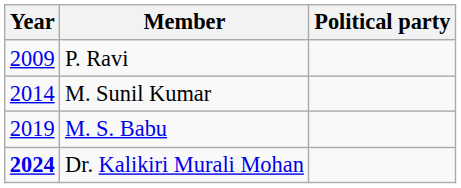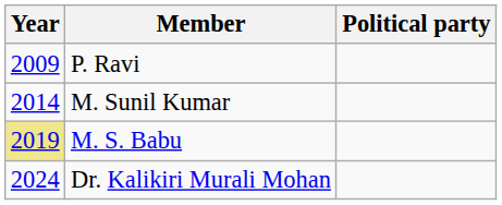 <table class="wikitable sortable">
 <tr>
 <th>Year</th>
 <th>Member</th>
 <th colspan="2">Political party</th>
 </tr>
 <tr>
 <td><a href='#'>2009</a></td>
 <td>P. Ravi</td>
 <td></td>
 </tr>
 <tr>
 <td><a href='#'>2014</a></td>
 <td>M. Sunil Kumar</td>
 <td></td>
 </tr>
 <tr>
-<td><a href='#'>2019</a></td>
+<td style="background: khaki;"><a href='#'>2019</a></td>
 <td><a href='#'>M. S. Babu</a></td>
 </tr>
 <tr>
-<td><strong><a href='#'>2024</a></strong></td>
+<td><a href='#'>2024</a></td>
 <td>Dr. <a href='#'>Kalikiri Murali Mohan</a></td>
 <td></td>
 </tr>
 </table>
